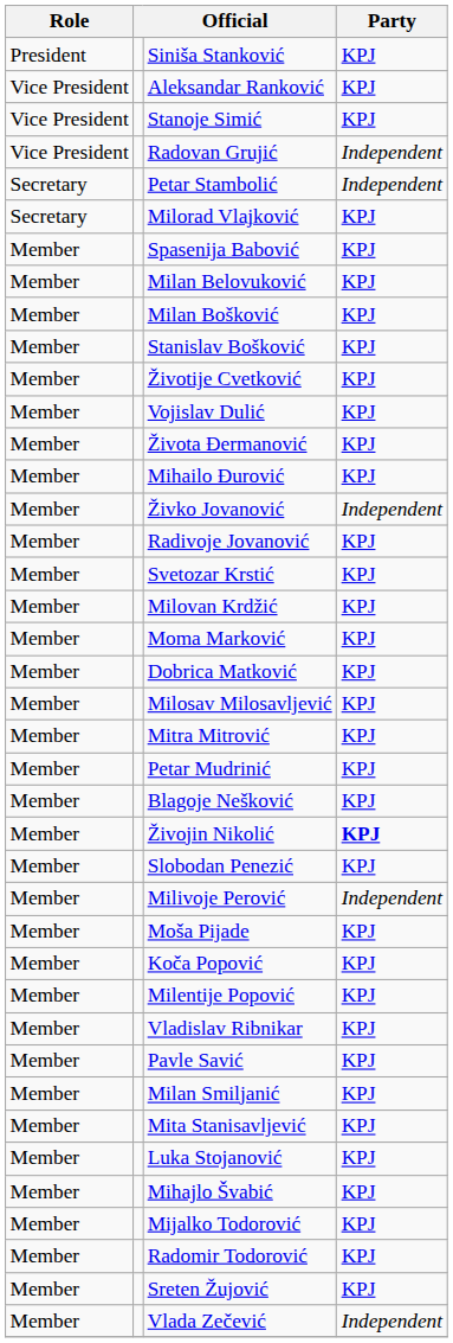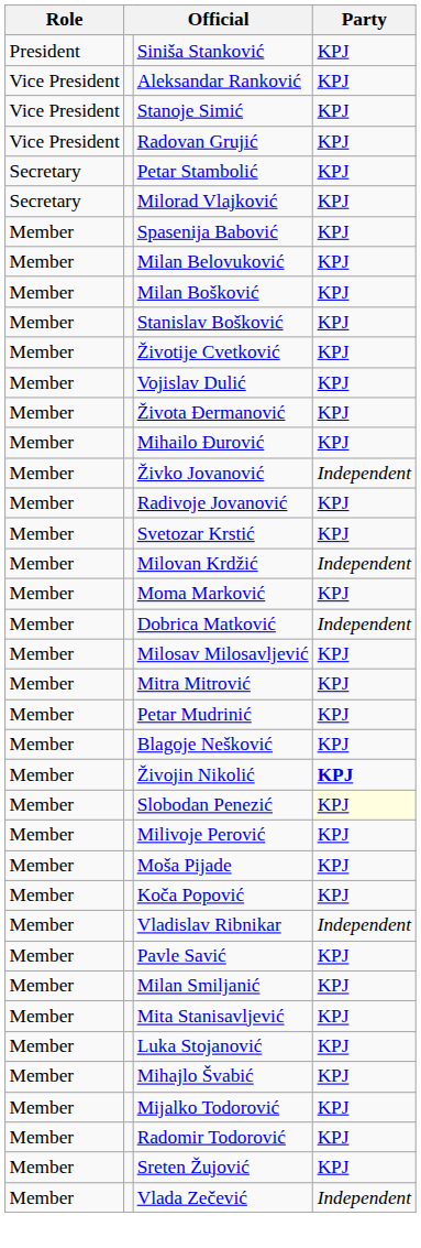 <table class="wikitable">
 <tr>
 <th style="text-align: center;">Role</th>
 <th colspan="2" style="text-align: center;">Official</th>
 <th style="text-align: center;">Party</th>
 </tr>
 <tr>
 <td>President</td>
 <td style="background:"></td>
 <td><a href='#'>Siniša Stanković</a></td>
 <td><a href='#'>KPJ</a></td>
 </tr>
 <tr>
 <td>Vice President</td>
 <td style="background:"></td>
 <td><a href='#'>Aleksandar Ranković</a></td>
 <td><a href='#'>KPJ</a></td>
 </tr>
 <tr>
 <td>Vice President</td>
 <td style="background:"></td>
 <td><a href='#'>Stanoje Simić</a></td>
 <td><a href='#'>KPJ</a></td>
 </tr>
 <tr>
 <td>Vice President</td>
 <td style="background:"></td>
 <td><a href='#'>Radovan Grujić</a></td>
-<td><em>Independent</em></td>
+<td><a href='#'>KPJ</a></td>
 </tr>
 <tr>
 <td>Secretary</td>
 <td style="background:"></td>
 <td><a href='#'>Petar Stambolić</a></td>
-<td><em>Independent</em></td>
+<td><a href='#'>KPJ</a></td>
 </tr>
 <tr>
 <td>Secretary</td>
 <td style="background:"></td>
 <td><a href='#'>Milorad Vlajković</a></td>
 <td><a href='#'>KPJ</a></td>
 </tr>
 <tr>
 <td>Member</td>
 <td style="background:"></td>
 <td><a href='#'>Spasenija Babović</a></td>
 <td><a href='#'>KPJ</a></td>
 </tr>
 <tr>
 <td>Member</td>
 <td style="background:"></td>
 <td><a href='#'>Milan Belovuković</a></td>
 <td><a href='#'>KPJ</a></td>
 </tr>
 <tr>
 <td>Member</td>
 <td style="background:"></td>
 <td><a href='#'>Milan Bošković</a></td>
 <td><a href='#'>KPJ</a></td>
 </tr>
 <tr>
 <td>Member</td>
 <td style="background:"></td>
 <td><a href='#'>Stanislav Bošković</a></td>
 <td><a href='#'>KPJ</a></td>
 </tr>
 <tr>
 <td>Member</td>
 <td style="background:"></td>
 <td><a href='#'>Životije Cvetković</a></td>
 <td><a href='#'>KPJ</a></td>
 </tr>
 <tr>
 <td>Member</td>
 <td style="background:"></td>
 <td><a href='#'>Vojislav Dulić</a></td>
 <td><a href='#'>KPJ</a></td>
 </tr>
 <tr>
 <td>Member</td>
 <td style="background:"></td>
 <td><a href='#'>Života Đermanović</a></td>
 <td><a href='#'>KPJ</a></td>
 </tr>
 <tr>
 <td>Member</td>
 <td style="background:"></td>
 <td><a href='#'>Mihailo Đurović</a></td>
 <td><a href='#'>KPJ</a></td>
 </tr>
 <tr>
 <td>Member</td>
 <td style="background:"></td>
 <td><a href='#'>Živko Jovanović</a></td>
 <td><em>Independent</em></td>
 </tr>
 <tr>
 <td>Member</td>
 <td style="background:"></td>
 <td><a href='#'>Radivoje Jovanović</a></td>
 <td><a href='#'>KPJ</a></td>
 </tr>
 <tr>
 <td>Member</td>
 <td style="background:"></td>
 <td><a href='#'>Svetozar Krstić</a></td>
 <td><a href='#'>KPJ</a></td>
 </tr>
 <tr>
 <td>Member</td>
 <td style="background:"></td>
 <td><a href='#'>Milovan Krdžić</a></td>
-<td><a href='#'>KPJ</a></td>
+<td><em>Independent</em></td>
 </tr>
 <tr>
 <td>Member</td>
 <td style="background:"></td>
 <td><a href='#'>Moma Marković</a></td>
 <td><a href='#'>KPJ</a></td>
 </tr>
 <tr>
 <td>Member</td>
 <td style="background:"></td>
 <td><a href='#'>Dobrica Matković</a></td>
-<td><a href='#'>KPJ</a></td>
+<td><em>Independent</em></td>
 </tr>
 <tr>
 <td>Member</td>
 <td style="background:"></td>
 <td><a href='#'>Milosav Milosavljević</a></td>
 <td><a href='#'>KPJ</a></td>
 </tr>
 <tr>
 <td>Member</td>
 <td style="background:"></td>
 <td><a href='#'>Mitra Mitrović</a></td>
 <td><a href='#'>KPJ</a></td>
 </tr>
 <tr>
 <td>Member</td>
 <td style="background:"></td>
 <td><a href='#'>Petar Mudrinić</a></td>
 <td><a href='#'>KPJ</a></td>
 </tr>
 <tr>
 <td>Member</td>
 <td style="background:"></td>
 <td><a href='#'>Blagoje Nešković</a></td>
 <td><a href='#'>KPJ</a></td>
 </tr>
 <tr>
 <td>Member</td>
 <td style="background:"></td>
 <td><a href='#'>Živojin Nikolić</a></td>
 <td><strong><a href='#'>KPJ</a></strong></td>
 </tr>
 <tr>
 <td>Member</td>
 <td style="background:"></td>
 <td><a href='#'>Slobodan Penezić</a></td>
-<td><a href='#'>KPJ</a></td>
+<td style="background: lightyellow;"><a href='#'>KPJ</a></td>
 </tr>
 <tr>
 <td>Member</td>
 <td style="background:"></td>
 <td><a href='#'>Milivoje Perović</a></td>
-<td><em>Independent</em></td>
+<td><a href='#'>KPJ</a></td>
 </tr>
 <tr>
 <td>Member</td>
 <td style="background:"></td>
 <td><a href='#'>Moša Pijade</a></td>
 <td><a href='#'>KPJ</a></td>
 </tr>
 <tr>
 <td>Member</td>
 <td style="background:"></td>
 <td><a href='#'>Koča Popović</a></td>
 <td><a href='#'>KPJ</a></td>
 </tr>
 <tr>
 <td>Member</td>
 <td style="background:"></td>
-<td><a href='#'>Milentije Popović</a></td>
-<td><a href='#'>KPJ</a></td>
-</tr>
-<tr>
-<td>Member</td>
-<td style="background:"></td>
 <td><a href='#'>Vladislav Ribnikar</a></td>
-<td><a href='#'>KPJ</a></td>
+<td><em>Independent</em></td>
 </tr>
 <tr>
 <td>Member</td>
 <td style="background:"></td>
 <td><a href='#'>Pavle Savić</a></td>
 <td><a href='#'>KPJ</a></td>
 </tr>
 <tr>
 <td>Member</td>
 <td style="background:"></td>
 <td><a href='#'>Milan Smiljanić</a></td>
 <td><a href='#'>KPJ</a></td>
 </tr>
 <tr>
 <td>Member</td>
 <td style="background:"></td>
 <td><a href='#'>Mita Stanisavljević</a></td>
 <td><a href='#'>KPJ</a></td>
 </tr>
 <tr>
 <td>Member</td>
 <td style="background:"></td>
 <td><a href='#'>Luka Stojanović</a></td>
 <td><a href='#'>KPJ</a></td>
 </tr>
 <tr>
 <td>Member</td>
 <td style="background:"></td>
 <td><a href='#'>Mihajlo Švabić</a></td>
 <td><a href='#'>KPJ</a></td>
 </tr>
 <tr>
 <td>Member</td>
 <td style="background:"></td>
 <td><a href='#'>Mijalko Todorović</a></td>
 <td><a href='#'>KPJ</a></td>
 </tr>
 <tr>
 <td>Member</td>
 <td style="background:"></td>
 <td><a href='#'>Radomir Todorović</a></td>
 <td><a href='#'>KPJ</a></td>
 </tr>
 <tr>
 <td>Member</td>
 <td style="background:"></td>
 <td><a href='#'>Sreten Žujović</a></td>
 <td><a href='#'>KPJ</a></td>
 </tr>
 <tr>
 <td>Member</td>
 <td style="background:"></td>
 <td><a href='#'>Vlada Zečević</a></td>
 <td><em>Independent</em></td>
 </tr>
 <tr>
 </tr>
 </table>
